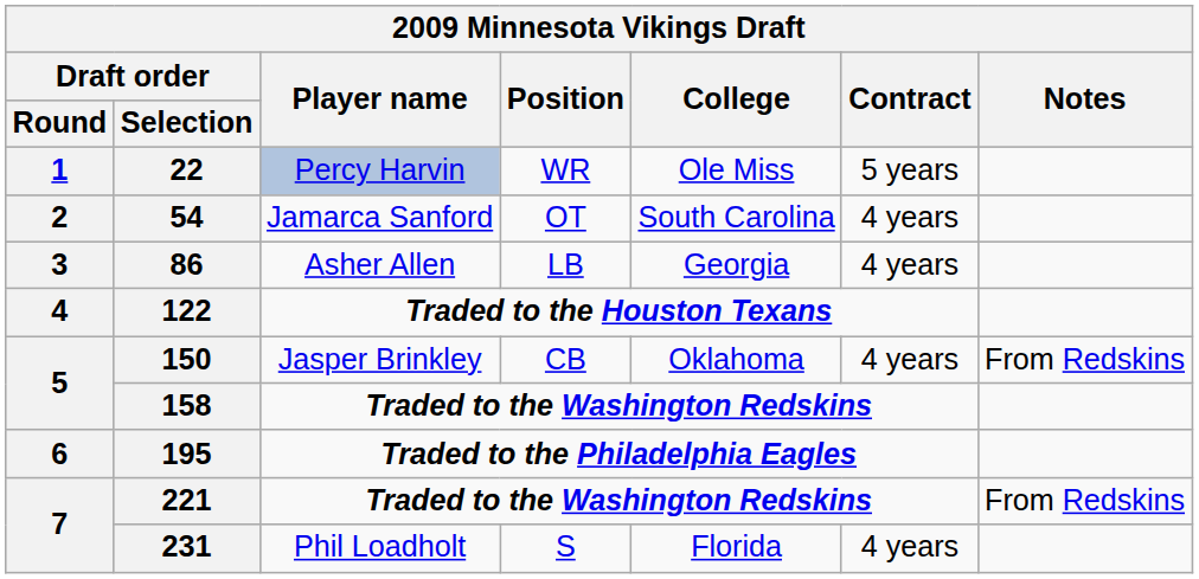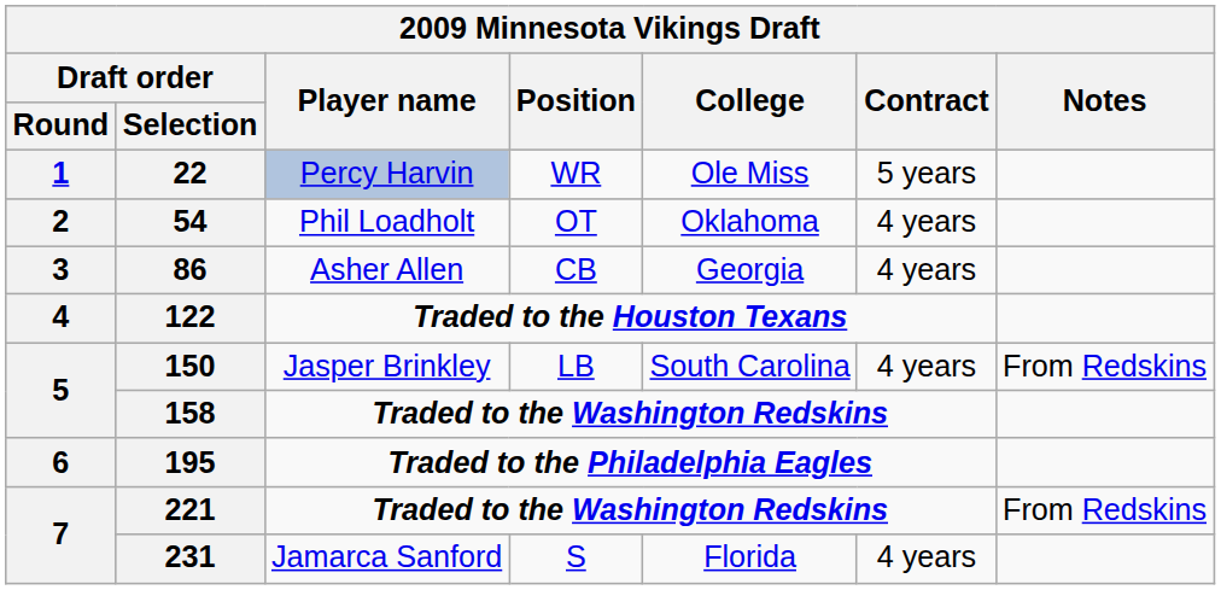 <table class="wikitable" style="text-align:center">
 <tr>
 <th colspan="7">2009 Minnesota Vikings Draft</th>
 </tr>
 <tr>
 <th colspan="2">Draft order</th>
 <th rowspan="2">Player name</th>
 <th rowspan="2">Position</th>
 <th rowspan="2">College</th>
 <th rowspan="2">Contract</th>
 <th rowspan="2">Notes</th>
 </tr>
 <tr>
 <th>Round</th>
 <th>Selection</th>
 </tr>
 <tr>
 <th><a href='#'>1</a></th>
 <th>22</th>
 <td bgcolor=lightsteelblue><a href='#'>Percy Harvin</a></td>
 <td><a href='#'>WR</a></td>
 <td><a href='#'>Ole Miss</a></td>
 <td>5 years</td>
 <td></td>
 </tr>
 <tr>
 <th>2</th>
 <th>54</th>
-<td><a href='#'>Jamarca Sanford</a></td>
+<td><a href='#'>Phil Loadholt</a></td>
 <td><a href='#'>OT</a></td>
-<td><a href='#'>South Carolina</a></td>
+<td><a href='#'>Oklahoma</a></td>
 <td>4 years</td>
 <td></td>
 </tr>
 <tr>
 <th>3</th>
 <th>86</th>
 <td><a href='#'>Asher Allen</a></td>
-<td><a href='#'>LB</a></td>
+<td><a href='#'>CB</a></td>
 <td><a href='#'>Georgia</a></td>
 <td>4 years</td>
 <td></td>
 </tr>
 <tr>
 <th>4</th>
 <th>122</th>
 <td colspan="4"><strong><em>Traded to the <a href='#'>Houston Texans</a></em></strong></td>
 <td></td>
 </tr>
 <tr>
 <th rowspan="2">5</th>
 <th>150</th>
 <td><a href='#'>Jasper Brinkley</a></td>
-<td><a href='#'>CB</a></td>
-<td><a href='#'>Oklahoma</a></td>
+<td><a href='#'>LB</a></td>
+<td><a href='#'>South Carolina</a></td>
 <td>4 years</td>
 <td>From <a href='#'>Redskins</a></td>
 </tr>
 <tr>
 <th>158</th>
 <td colspan="4"><strong><em>Traded to the <a href='#'>Washington Redskins</a></em></strong></td>
 <td></td>
 </tr>
 <tr>
 <th>6</th>
 <th>195</th>
 <td colspan="4"><strong><em>Traded to the <a href='#'>Philadelphia Eagles</a></em></strong></td>
 <td></td>
 </tr>
 <tr>
 <th rowspan="2">7</th>
 <th>221</th>
 <td colspan="4"><strong><em>Traded to the <a href='#'>Washington Redskins</a></em></strong></td>
 <td>From <a href='#'>Redskins</a></td>
 </tr>
 <tr>
 <th>231</th>
-<td><a href='#'>Phil Loadholt</a></td>
+<td><a href='#'>Jamarca Sanford</a></td>
 <td><a href='#'>S</a></td>
 <td><a href='#'>Florida</a></td>
 <td>4 years</td>
 <td></td>
 </tr>
 </table>
